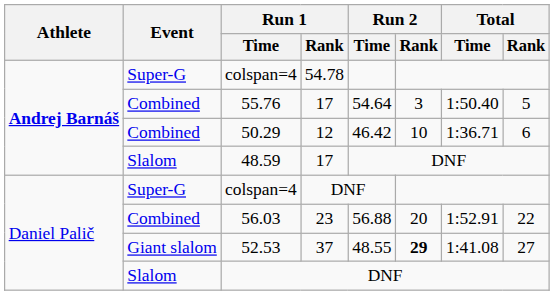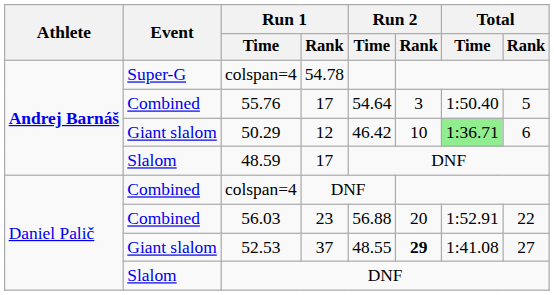 <table class="wikitable" style="font-size:90%">
 <tr>
 <th rowspan=2>Athlete</th>
 <th rowspan=2>Event</th>
 <th colspan=2>Run 1</th>
 <th colspan=2>Run 2</th>
 <th colspan=2>Total</th>
 </tr>
 <tr style="font-size:95%">
 <th>Time</th>
 <th>Rank</th>
 <th>Time</th>
 <th>Rank</th>
 <th>Time</th>
 <th>Rank</th>
 </tr>
 <tr align=center>
 <td align="left" rowspan="4"><strong><a href='#'>Andrej Barnáš</a></strong></td>
 <td align="left"><a href='#'>Super-G</a></td>
 <td>colspan=4</td>
 <td>54.78</td>
 <td></td>
 </tr>
 <tr align=center>
 <td align="left"><a href='#'>Combined</a></td>
 <td>55.76</td>
 <td>17</td>
 <td>54.64</td>
 <td>3</td>
 <td>1:50.40</td>
 <td>5</td>
 </tr>
 <tr align=center>
-<td align="left"><a href='#'>Combined</a></td>
+<td align="left"><a href='#'>Giant slalom</a></td>
 <td>50.29</td>
 <td>12</td>
 <td>46.42</td>
 <td>10</td>
-<td>1:36.71</td>
+<td style="background: lightgreen;">1:36.71</td>
 <td>6</td>
 </tr>
 <tr align=center>
 <td align="left"><a href='#'>Slalom</a></td>
 <td>48.59</td>
 <td>17</td>
 <td colspan=4>DNF</td>
 </tr>
 <tr align=center>
 <td align="left" rowspan="4"><a href='#'>Daniel Palič</a></td>
-<td align="left"><a href='#'>Super-G</a></td>
+<td align="left"><a href='#'>Combined</a></td>
 <td>colspan=4</td>
 <td colspan=2>DNF</td>
 </tr>
 <tr align=center>
 <td align="left"><a href='#'>Combined</a></td>
 <td>56.03</td>
 <td>23</td>
 <td>56.88</td>
 <td>20</td>
 <td>1:52.91</td>
 <td>22</td>
 </tr>
 <tr align=center>
 <td align="left"><a href='#'>Giant slalom</a></td>
 <td>52.53</td>
 <td>37</td>
 <td>48.55</td>
 <td><strong>29</strong></td>
 <td>1:41.08</td>
 <td>27</td>
 </tr>
 <tr align=center>
 <td align="left"><a href='#'>Slalom</a></td>
 <td colspan=6>DNF</td>
 </tr>
 </table>
